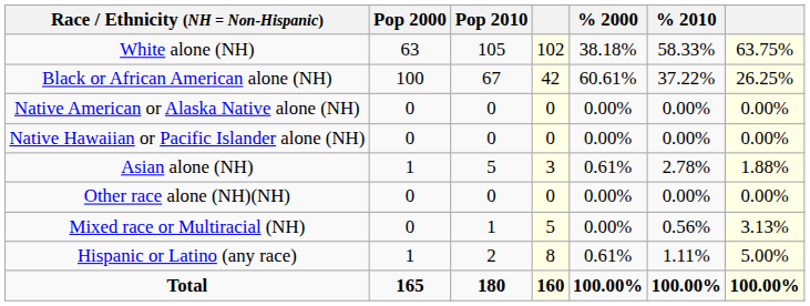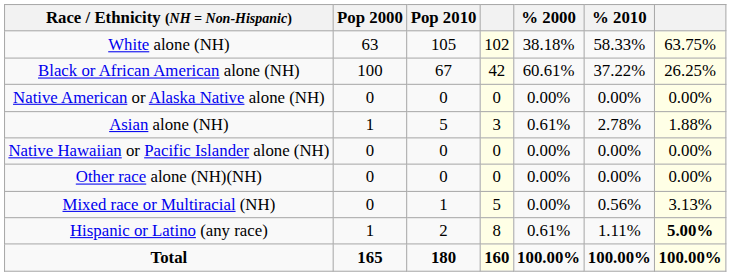 <table class="wikitable" style="text-align:center;">
 <tr>
 <th>Race / Ethnicity <small>(<em>NH = Non-Hispanic</em>)</small></th>
 <th>Pop 2000</th>
 <th>Pop 2010</th>
 <th></th>
 <th>% 2000</th>
 <th>% 2010</th>
 <th></th>
 </tr>
 <tr>
 <td><a href='#'>White</a> alone (NH)</td>
 <td>63</td>
 <td>105</td>
 <td style='background: #ffffe6;'>102</td>
 <td>38.18%</td>
 <td>58.33%</td>
 <td style='background: #ffffe6;'>63.75%</td>
 </tr>
 <tr>
 <td><a href='#'>Black or African American</a> alone (NH)</td>
 <td>100</td>
 <td>67</td>
 <td style='background: #ffffe6;'>42</td>
 <td>60.61%</td>
 <td>37.22%</td>
 <td style='background: #ffffe6;'>26.25%</td>
 </tr>
 <tr>
 <td><a href='#'>Native American</a> or <a href='#'>Alaska Native</a> alone (NH)</td>
 <td>0</td>
 <td>0</td>
 <td style='background: #ffffe6;'>0</td>
 <td>0.00%</td>
 <td>0.00%</td>
 <td style='background: #ffffe6;'>0.00%</td>
 </tr>
 <tr>
+<td><a href='#'>Asian</a> alone (NH)</td>
+<td>1</td>
+<td>5</td>
+<td style='background: #ffffe6;'>3</td>
+<td>0.61%</td>
+<td>2.78%</td>
+<td style='background: #ffffe6;'>1.88%</td>
+</tr>
+<tr>
 <td><a href='#'>Native Hawaiian</a> or <a href='#'>Pacific Islander</a> alone (NH)</td>
 <td>0</td>
 <td>0</td>
 <td style='background: #ffffe6;'>0</td>
 <td>0.00%</td>
 <td>0.00%</td>
 <td style='background: #ffffe6;'>0.00%</td>
-</tr>
-<tr>
-<td><a href='#'>Asian</a> alone (NH)</td>
-<td>1</td>
-<td>5</td>
-<td style='background: #ffffe6;'>3</td>
-<td>0.61%</td>
-<td>2.78%</td>
-<td style='background: #ffffe6;'>1.88%</td>
 </tr>
 <tr>
 <td><a href='#'>Other race</a> alone (NH)(NH)</td>
 <td>0</td>
 <td>0</td>
 <td style='background: #ffffe6;'>0</td>
 <td>0.00%</td>
 <td>0.00%</td>
 <td style='background: #ffffe6;'>0.00%</td>
 </tr>
 <tr>
 <td><a href='#'>Mixed race or Multiracial</a> (NH)</td>
 <td>0</td>
 <td>1</td>
 <td style='background: #ffffe6;'>5</td>
 <td>0.00%</td>
 <td>0.56%</td>
 <td style='background: #ffffe6;'>3.13%</td>
 </tr>
 <tr>
 <td><a href='#'>Hispanic or Latino</a> (any race)</td>
 <td>1</td>
 <td>2</td>
 <td style='background: #ffffe6;'>8</td>
 <td>0.61%</td>
 <td>1.11%</td>
-<td style='background: #ffffe6;'>5.00%</td>
+<td style='background: #ffffe6;'><strong>5.00%</strong></td>
 </tr>
 <tr>
 <td><strong>Total</strong></td>
 <td><strong>165</strong></td>
 <td><strong>180</strong></td>
 <td style='background: #ffffe6;'><strong>160</strong></td>
 <td><strong>100.00%</strong></td>
 <td><strong>100.00%</strong></td>
 <td style='background: #ffffe6;'><strong>100.00%</strong></td>
 </tr>
 </table>
